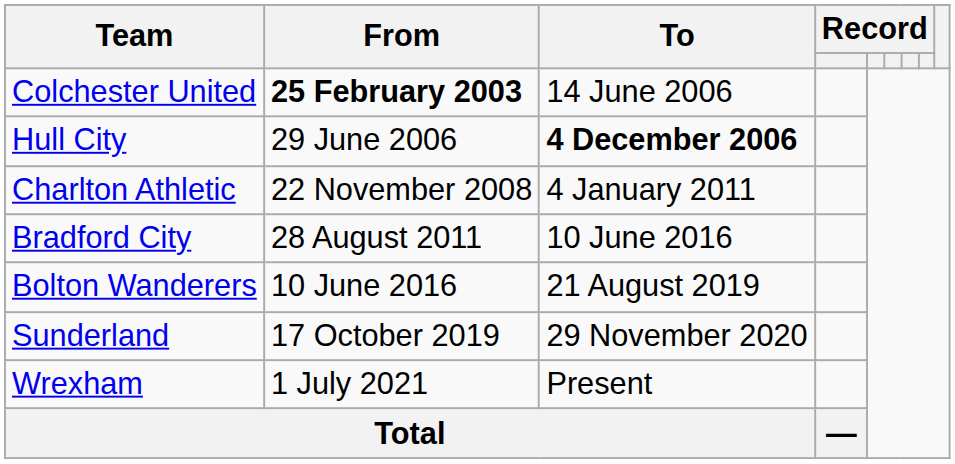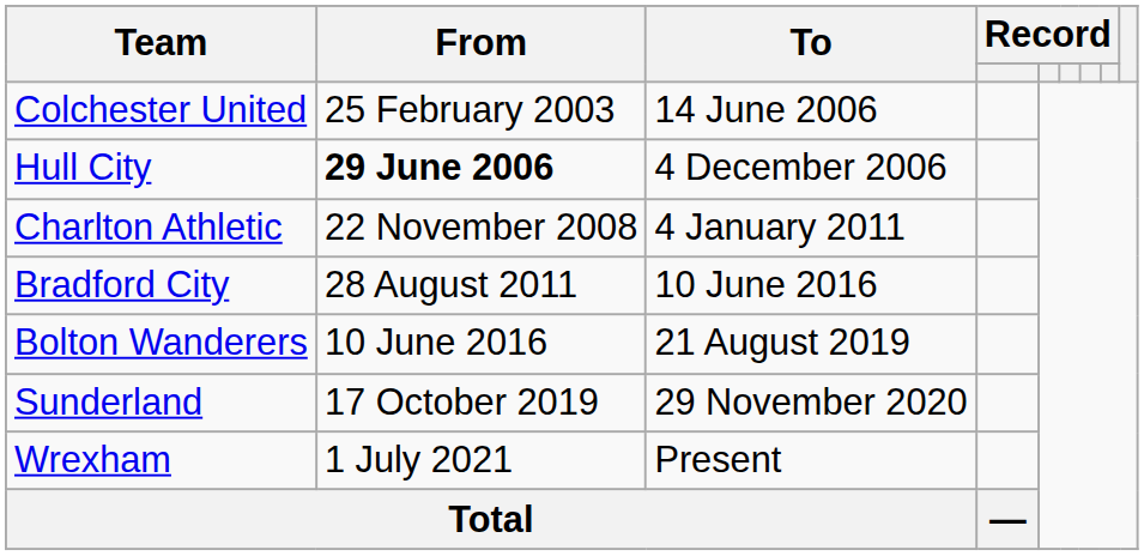 <table class=wikitable style=text-align:left>
 <tr>
 <th rowspan=2>Team</th>
 <th rowspan=2>From</th>
 <th rowspan=2>To</th>
 <th colspan=5>Record</th>
 <th rowspan=2></th>
 </tr>
 <tr>
 <th></th>
 <th></th>
 <th></th>
 <th></th>
 <th></th>
 </tr>
 <tr>
 <td><a href='#'>Colchester United</a></td>
-<td><strong>25 February 2003</strong></td>
+<td>25 February 2003</td>
 <td>14 June 2006<br></td>
 <td style=text-align:center></td>
 </tr>
 <tr>
 <td><a href='#'>Hull City</a></td>
-<td>29 June 2006</td>
-<td><strong>4 December 2006<br></strong></td>
+<td><strong>29 June 2006</strong></td>
+<td>4 December 2006<br></td>
 <td style=text-align:center></td>
 </tr>
 <tr>
 <td><a href='#'>Charlton Athletic</a></td>
 <td>22 November 2008</td>
 <td>4 January 2011<br></td>
 <td style=text-align:center></td>
 </tr>
 <tr>
 <td><a href='#'>Bradford City</a></td>
 <td>28 August 2011</td>
 <td>10 June 2016<br></td>
 <td style=text-align:center></td>
 </tr>
 <tr>
 <td><a href='#'>Bolton Wanderers</a></td>
 <td>10 June 2016</td>
 <td>21 August 2019<br></td>
 <td style=text-align:center></td>
 </tr>
 <tr>
 <td><a href='#'>Sunderland</a></td>
 <td>17 October 2019</td>
 <td>29 November 2020<br></td>
 <td style=text-align:center></td>
 </tr>
 <tr>
 <td><a href='#'>Wrexham</a></td>
 <td>1 July 2021</td>
 <td>Present<br></td>
 <td style=text-align:center></td>
 </tr>
 <tr>
 <th colspan=3>Total<br></th>
 <th style=text-align:center>—</th>
 </tr>
 </table>
